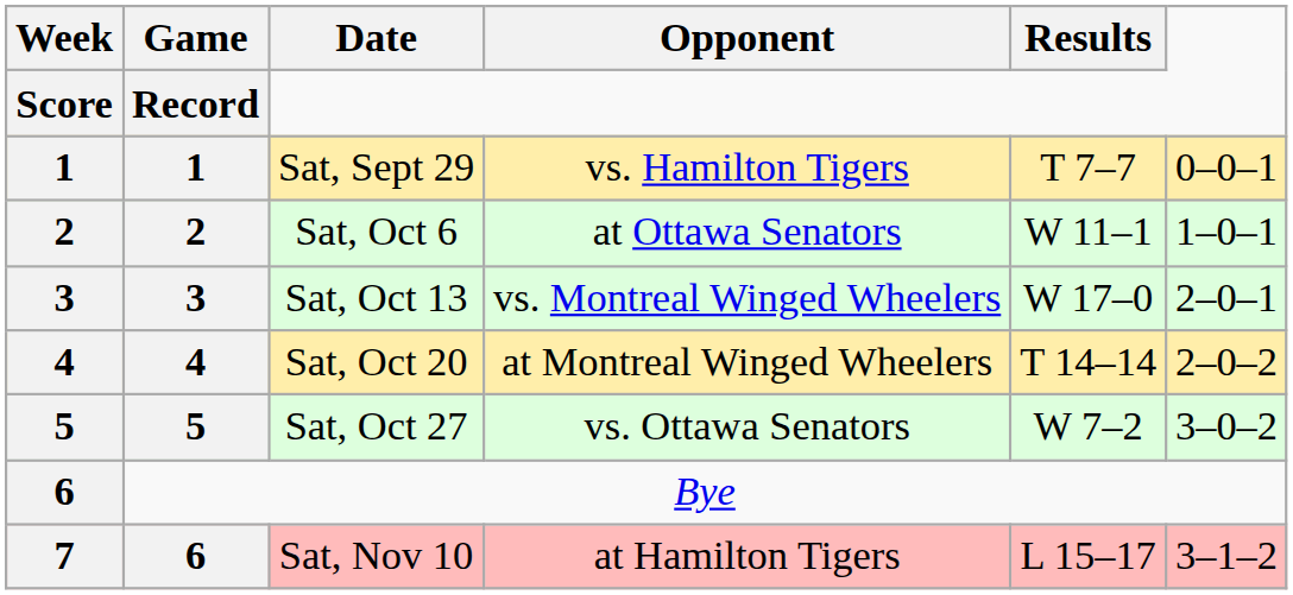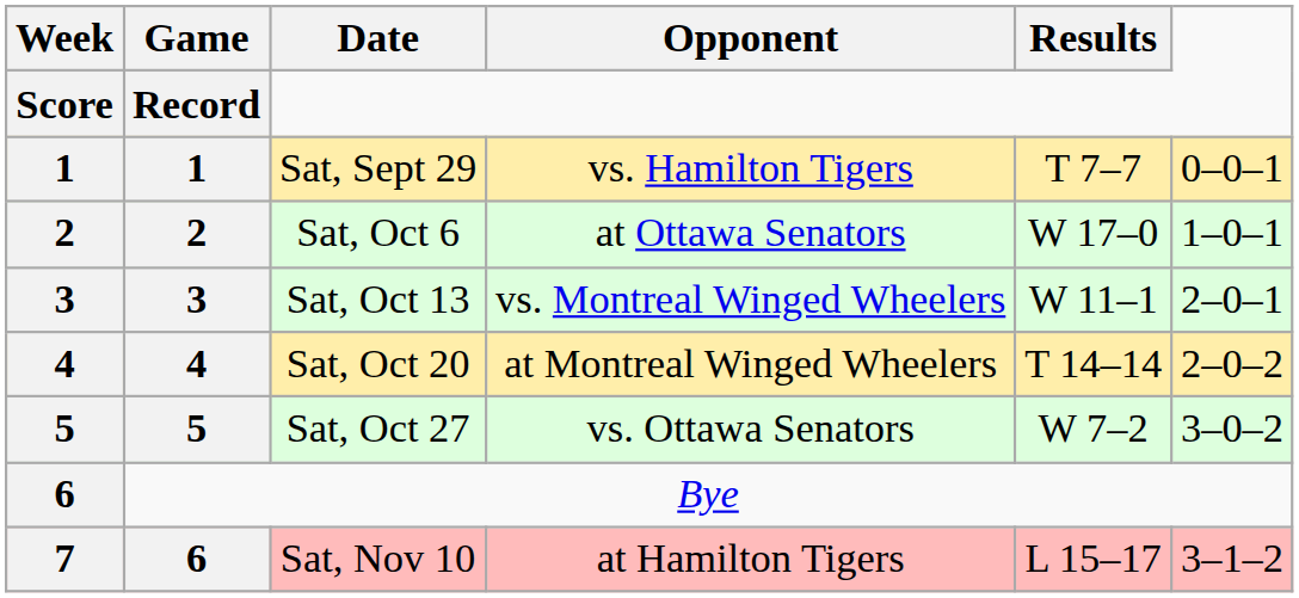 <table class="wikitable" style="text-align:center">
 <tr>
 <th>Week</th>
 <th>Game</th>
 <th>Date</th>
 <th>Opponent</th>
 <th>Results</th>
 </tr>
 <tr>
 <th>Score</th>
 <th>Record</th>
 </tr>
 <tr style="background:#ffeeaa">
 <th>1</th>
 <th>1</th>
 <td>Sat, Sept 29</td>
 <td>vs. <a href='#'>Hamilton Tigers</a></td>
 <td>T 7–7</td>
 <td>0–0–1</td>
 </tr>
 <tr style="background:#ddffdd">
 <th>2</th>
 <th>2</th>
 <td>Sat, Oct 6</td>
 <td>at <a href='#'>Ottawa Senators</a></td>
-<td>W 11–1</td>
+<td>W 17–0</td>
 <td>1–0–1</td>
 </tr>
 <tr style="background:#ddffdd">
 <th>3</th>
 <th>3</th>
 <td>Sat, Oct 13</td>
 <td>vs. <a href='#'>Montreal Winged Wheelers</a></td>
-<td>W 17–0</td>
+<td>W 11–1</td>
 <td>2–0–1</td>
 </tr>
 <tr style="background:#ffeeaa">
 <th>4</th>
 <th>4</th>
 <td>Sat, Oct 20</td>
 <td>at Montreal Winged Wheelers</td>
 <td>T 14–14</td>
 <td>2–0–2</td>
 </tr>
 <tr style="background:#ddffdd">
 <th>5</th>
 <th>5</th>
 <td>Sat, Oct 27</td>
 <td>vs. Ottawa Senators</td>
 <td>W 7–2</td>
 <td>3–0–2</td>
 </tr>
 <tr>
 <th>6</th>
 <td colspan="7"><em><a href='#'>Bye</a></em></td>
 </tr>
 <tr style="background:#ffbbbb">
 <th>7</th>
 <th>6</th>
 <td>Sat, Nov 10</td>
 <td>at Hamilton Tigers</td>
 <td>L 15–17</td>
 <td>3–1–2</td>
 </tr>
 </table>
